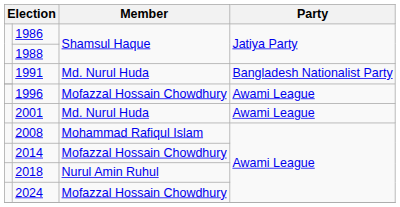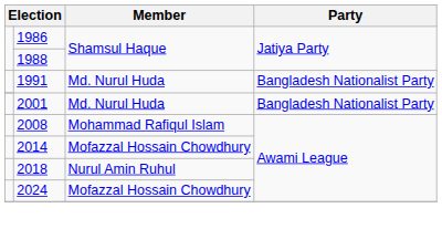 <table class="wikitable">
 <tr>
 <th colspan="2">Election</th>
 <th>Member</th>
 <th>Party</th>
 </tr>
 <tr>
 <td rowspan="2" style="background-color:"></td>
 <td><a href='#'>1986</a></td>
 <td rowspan="2"><a href='#'>Shamsul Haque</a></td>
 <td rowspan="2"><a href='#'>Jatiya Party</a></td>
 </tr>
 <tr>
 <td><a href='#'>1988</a></td>
 </tr>
 <tr>
 <td style="background-color:"></td>
 <td rowspan="2"><a href='#'>1991</a></td>
 <td rowspan="2"><a href='#'>Md. Nurul Huda</a></td>
 <td rowspan="2"><a href='#'>Bangladesh Nationalist Party</a></td>
 </tr>
 <tr>
 </tr>
 <tr>
 <td style="background-color:"></td>
-<td><a href='#'>1996</a></td>
-<td><a href='#'>Mofazzal Hossain Chowdhury</a></td>
-<td><a href='#'>Awami League</a></td>
-</tr>
-<tr>
-<td style="background-color:"></td>
 <td><a href='#'>2001</a></td>
 <td><a href='#'>Md. Nurul Huda</a></td>
-<td><a href='#'>Awami League</a></td>
+<td><a href='#'>Bangladesh Nationalist Party</a></td>
 </tr>
 <tr>
 <td style="background-color:"></td>
 <td><a href='#'>2008</a></td>
 <td><a href='#'>Mohammad Rafiqul Islam</a></td>
 <td rowspan="4"><a href='#'>Awami League</a></td>
 </tr>
 <tr>
 <td style="background-color:"></td>
 <td><a href='#'>2014</a></td>
 <td><a href='#'>Mofazzal Hossain Chowdhury</a></td>
 </tr>
 <tr>
 <td style="background-color:"></td>
 <td><a href='#'>2018</a></td>
 <td><a href='#'>Nurul Amin Ruhul</a></td>
 </tr>
 <tr>
 <td style="background-color:"></td>
 <td><a href='#'>2024</a></td>
 <td><a href='#'>Mofazzal Hossain Chowdhury</a></td>
 </tr>
 <tr>
 </tr>
 </table>
